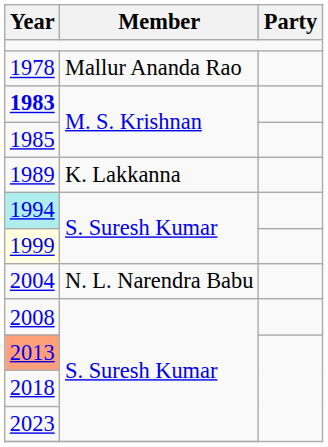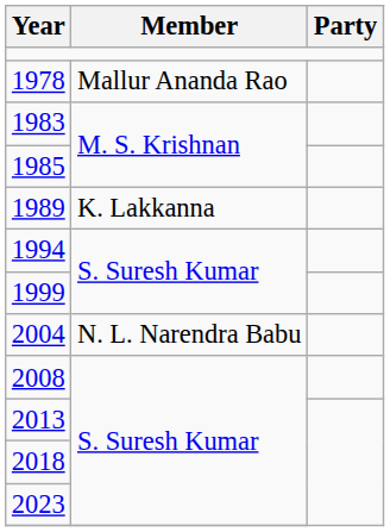 <table class="wikitable sortable">
 <tr>
 <th>Year</th>
 <th>Member</th>
 <th colspan="2">Party</th>
 </tr>
 <tr>
 <td colspan=4></td>
 </tr>
 <tr>
 <td><a href='#'>1978</a></td>
 <td>Mallur Ananda Rao</td>
 <td></td>
 </tr>
 <tr>
-<td><strong><a href='#'>1983</a></strong></td>
+<td><a href='#'>1983</a></td>
 <td rowspan="2"><a href='#'>M. S. Krishnan</a></td>
 <td></td>
 </tr>
 <tr>
 <td><a href='#'>1985</a></td>
 </tr>
 <tr>
 <td><a href='#'>1989</a></td>
 <td>K. Lakkanna</td>
 <td></td>
 </tr>
 <tr>
-<td style="background: paleturquoise;"><a href='#'>1994</a></td>
+<td><a href='#'>1994</a></td>
 <td rowspan="2"><a href='#'>S. Suresh Kumar</a></td>
 <td></td>
 </tr>
 <tr>
-<td style="background: lightyellow;"><a href='#'>1999</a></td>
+<td><a href='#'>1999</a></td>
 </tr>
 <tr>
 <td><a href='#'>2004</a></td>
 <td>N. L. Narendra Babu</td>
 <td></td>
 </tr>
 <tr>
 <td><a href='#'>2008</a></td>
 <td rowspan="4"><a href='#'>S. Suresh Kumar</a></td>
 <td></td>
 </tr>
 <tr>
-<td style="background: lightsalmon;"><a href='#'>2013</a></td>
+<td><a href='#'>2013</a></td>
 </tr>
 <tr>
 <td><a href='#'>2018</a></td>
 </tr>
 <tr>
 <td><a href='#'>2023</a></td>
 </tr>
 <tr>
 </tr>
 </table>
